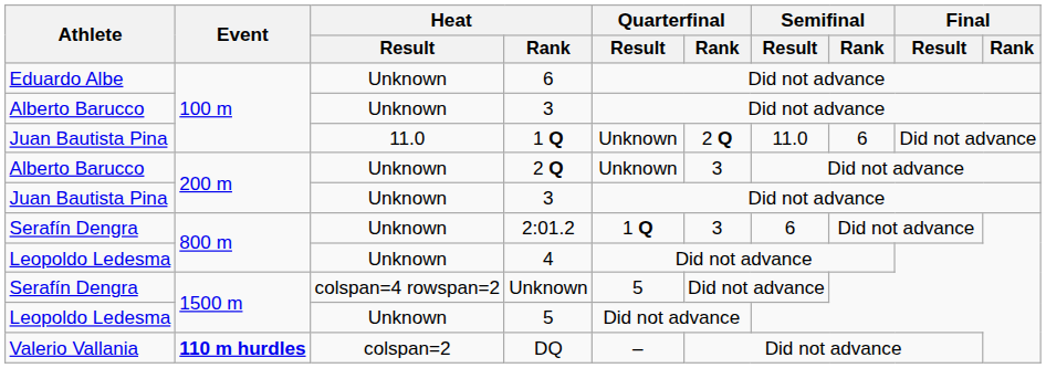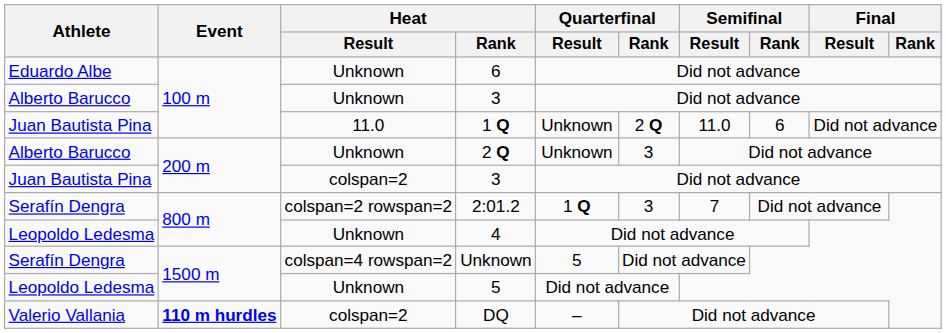 <table class=wikitable style=font-size:90%;text-align:center>
 <tr>
 <th rowspan=2>Athlete</th>
 <th rowspan=2>Event</th>
 <th colspan=2>Heat</th>
 <th colspan=2>Quarterfinal</th>
 <th colspan=2>Semifinal</th>
 <th colspan=2>Final</th>
 </tr>
 <tr style=font-size:95%>
 <th>Result</th>
 <th>Rank</th>
 <th>Result</th>
 <th>Rank</th>
 <th>Result</th>
 <th>Rank</th>
 <th>Result</th>
 <th>Rank</th>
 </tr>
 <tr>
 <td align=left><a href='#'>Eduardo Albe</a></td>
 <td align=left rowspan=3><a href='#'>100 m</a></td>
 <td>Unknown</td>
 <td>6</td>
 <td colspan=6>Did not advance</td>
 </tr>
 <tr>
 <td align=left><a href='#'>Alberto Barucco</a></td>
 <td>Unknown</td>
 <td>3</td>
 <td colspan=6>Did not advance</td>
 </tr>
 <tr>
 <td align=left><a href='#'>Juan Bautista Pina</a></td>
 <td>11.0</td>
 <td>1 <strong>Q</strong></td>
 <td>Unknown</td>
 <td>2 <strong>Q</strong></td>
 <td>11.0</td>
 <td>6</td>
 <td colspan=2>Did not advance</td>
 </tr>
 <tr>
 <td align=left><a href='#'>Alberto Barucco</a></td>
 <td align=left rowspan=2><a href='#'>200 m</a></td>
 <td>Unknown</td>
 <td>2 <strong>Q</strong></td>
 <td>Unknown</td>
 <td>3</td>
 <td colspan=4>Did not advance</td>
 </tr>
 <tr>
 <td align=left><a href='#'>Juan Bautista Pina</a></td>
-<td>Unknown</td>
+<td>colspan=2 </td>
 <td>3</td>
 <td colspan=6>Did not advance</td>
 </tr>
 <tr>
 <td align=left><a href='#'>Serafín Dengra</a></td>
 <td align=left rowspan=2><a href='#'>800 m</a></td>
-<td>Unknown</td>
+<td>colspan=2 rowspan=2 </td>
 <td>2:01.2</td>
 <td>1 <strong>Q</strong></td>
 <td>3</td>
-<td>6</td>
+<td>7</td>
 <td colspan=2>Did not advance</td>
 </tr>
 <tr>
 <td align=left><a href='#'>Leopoldo Ledesma</a></td>
 <td>Unknown</td>
 <td>4</td>
 <td colspan=4>Did not advance</td>
 </tr>
 <tr>
 <td align=left><a href='#'>Serafín Dengra</a></td>
 <td align=left rowspan=2><a href='#'>1500 m</a></td>
 <td>colspan=4 rowspan=2 </td>
 <td>Unknown</td>
 <td>5</td>
 <td colspan=2>Did not advance</td>
 </tr>
 <tr>
 <td align=left><a href='#'>Leopoldo Ledesma</a></td>
 <td>Unknown</td>
 <td>5</td>
 <td colspan=2>Did not advance</td>
 </tr>
 <tr>
 <td align=left><a href='#'>Valerio Vallania</a></td>
 <td align=left><strong><a href='#'>110 m hurdles</a></strong></td>
 <td>colspan=2 </td>
 <td>DQ</td>
 <td>–</td>
 <td colspan=4>Did not advance</td>
 </tr>
 </table>
